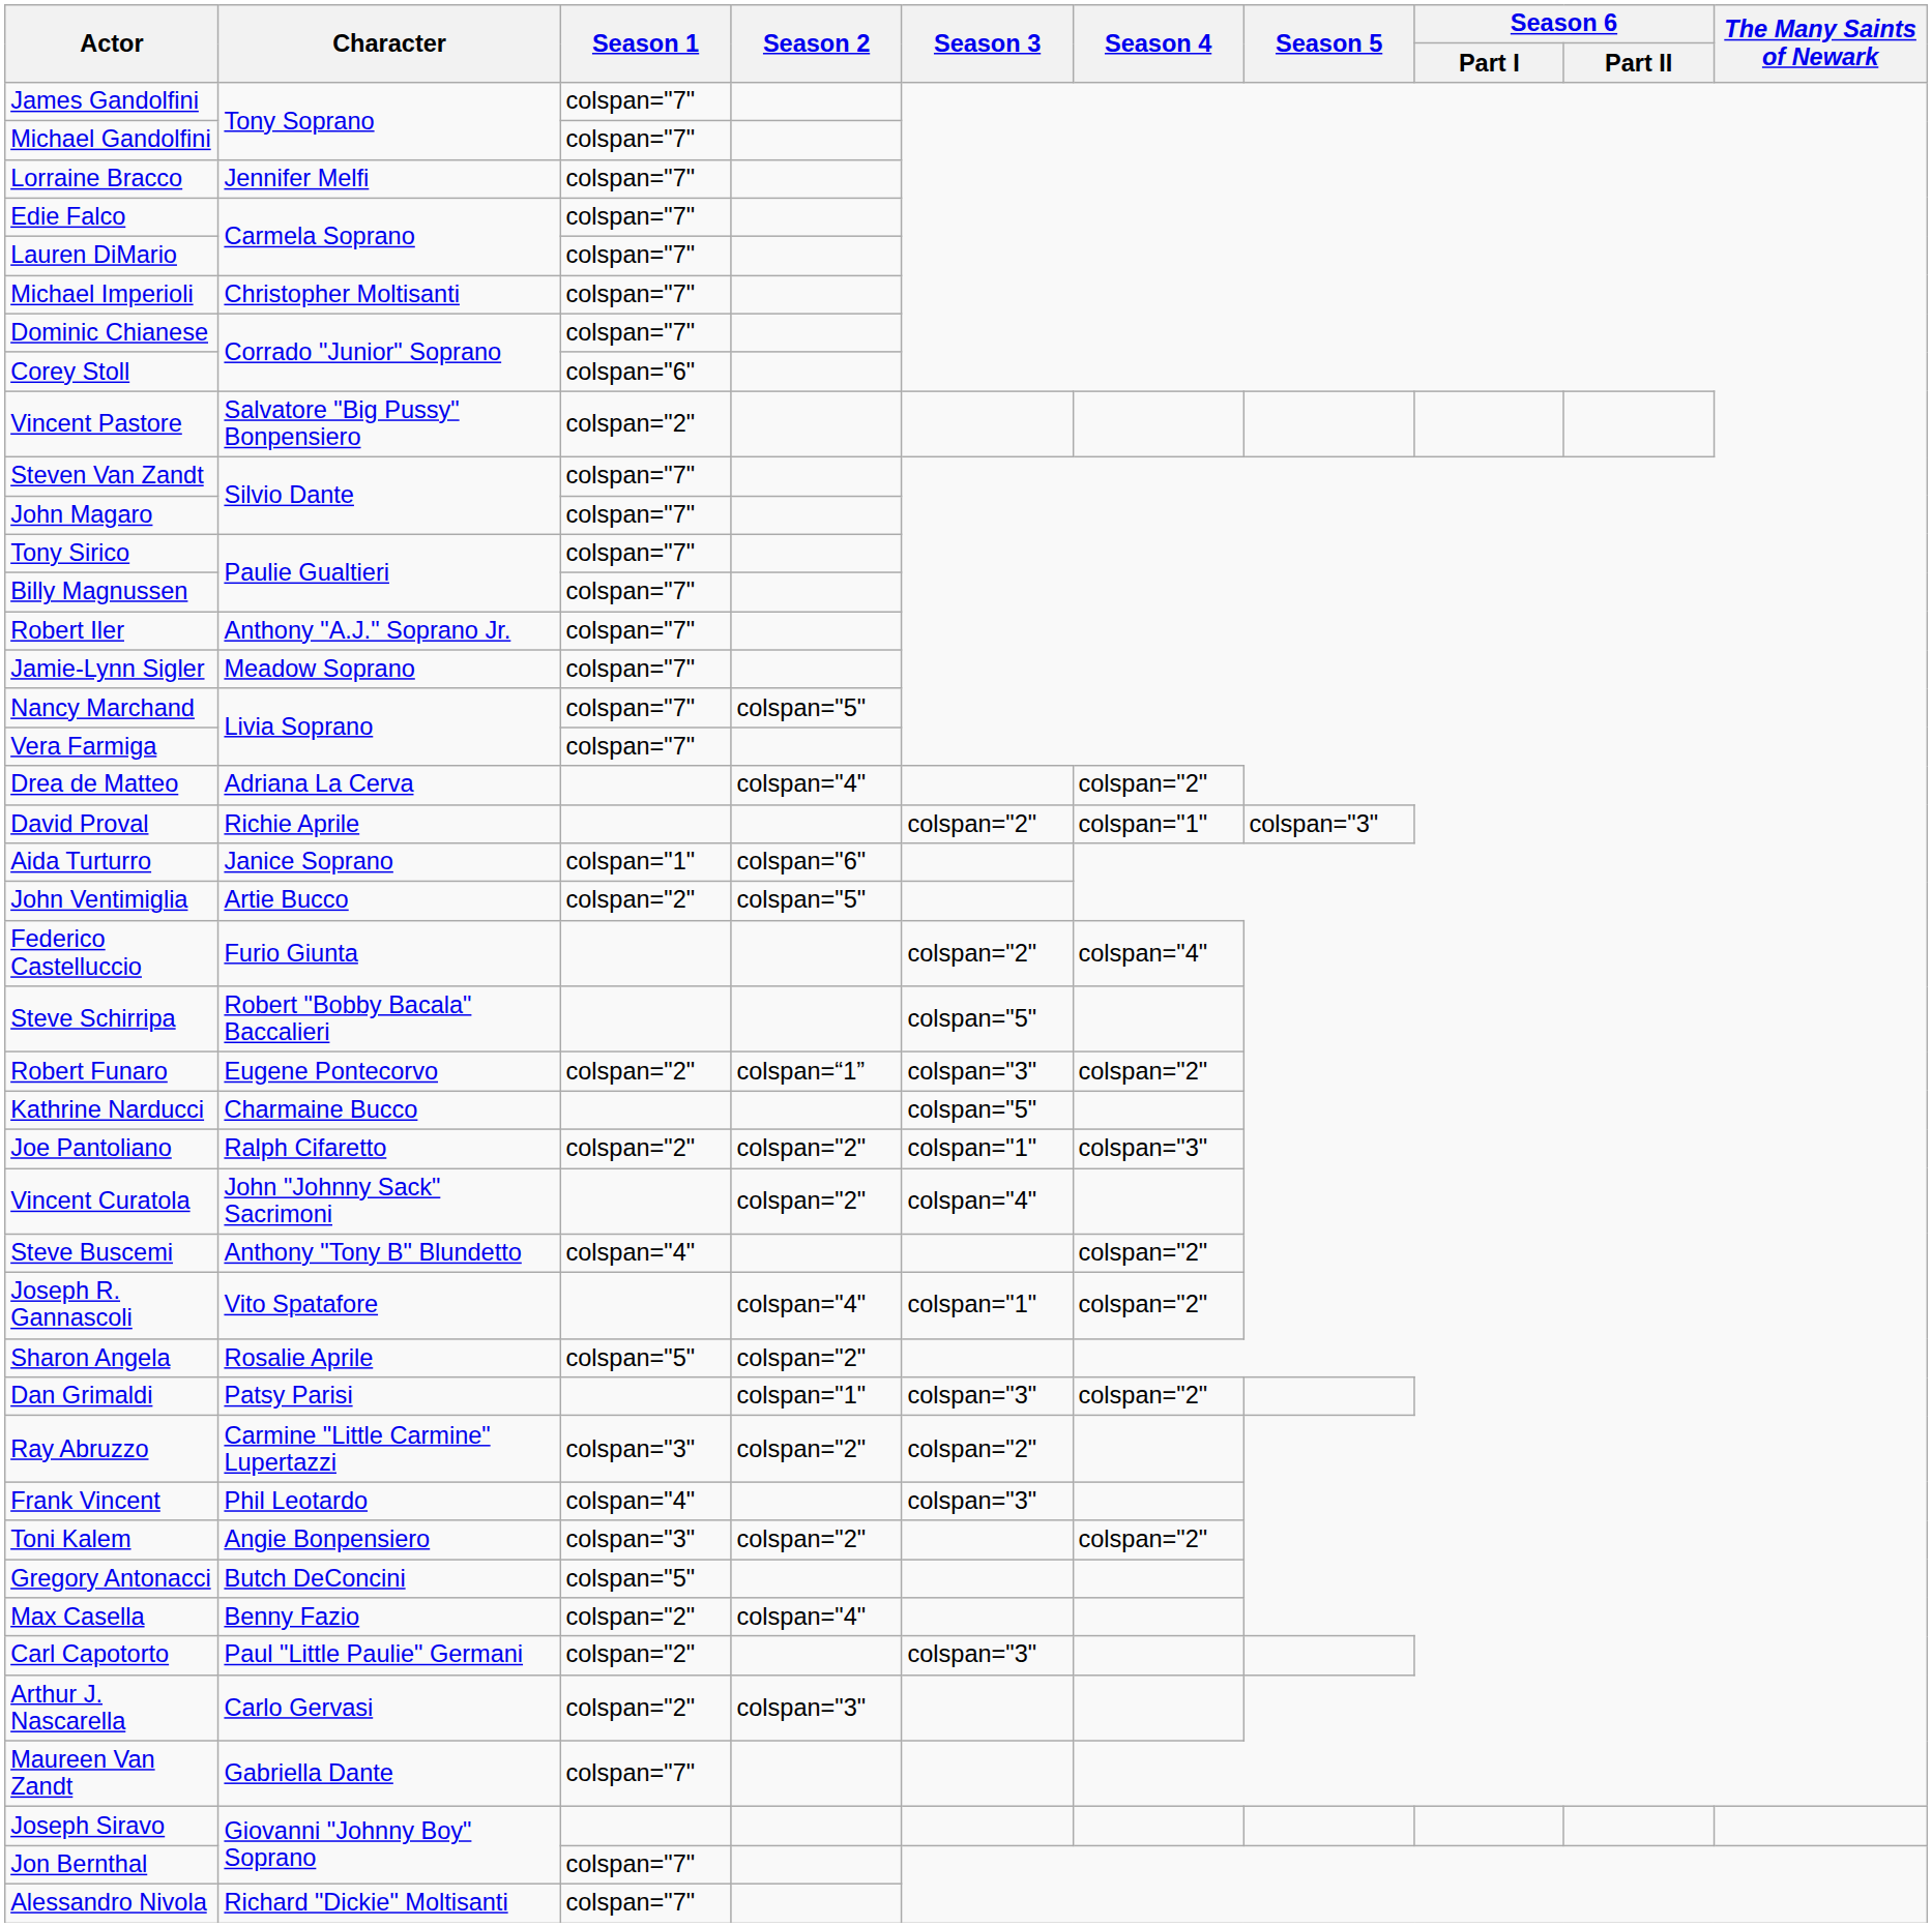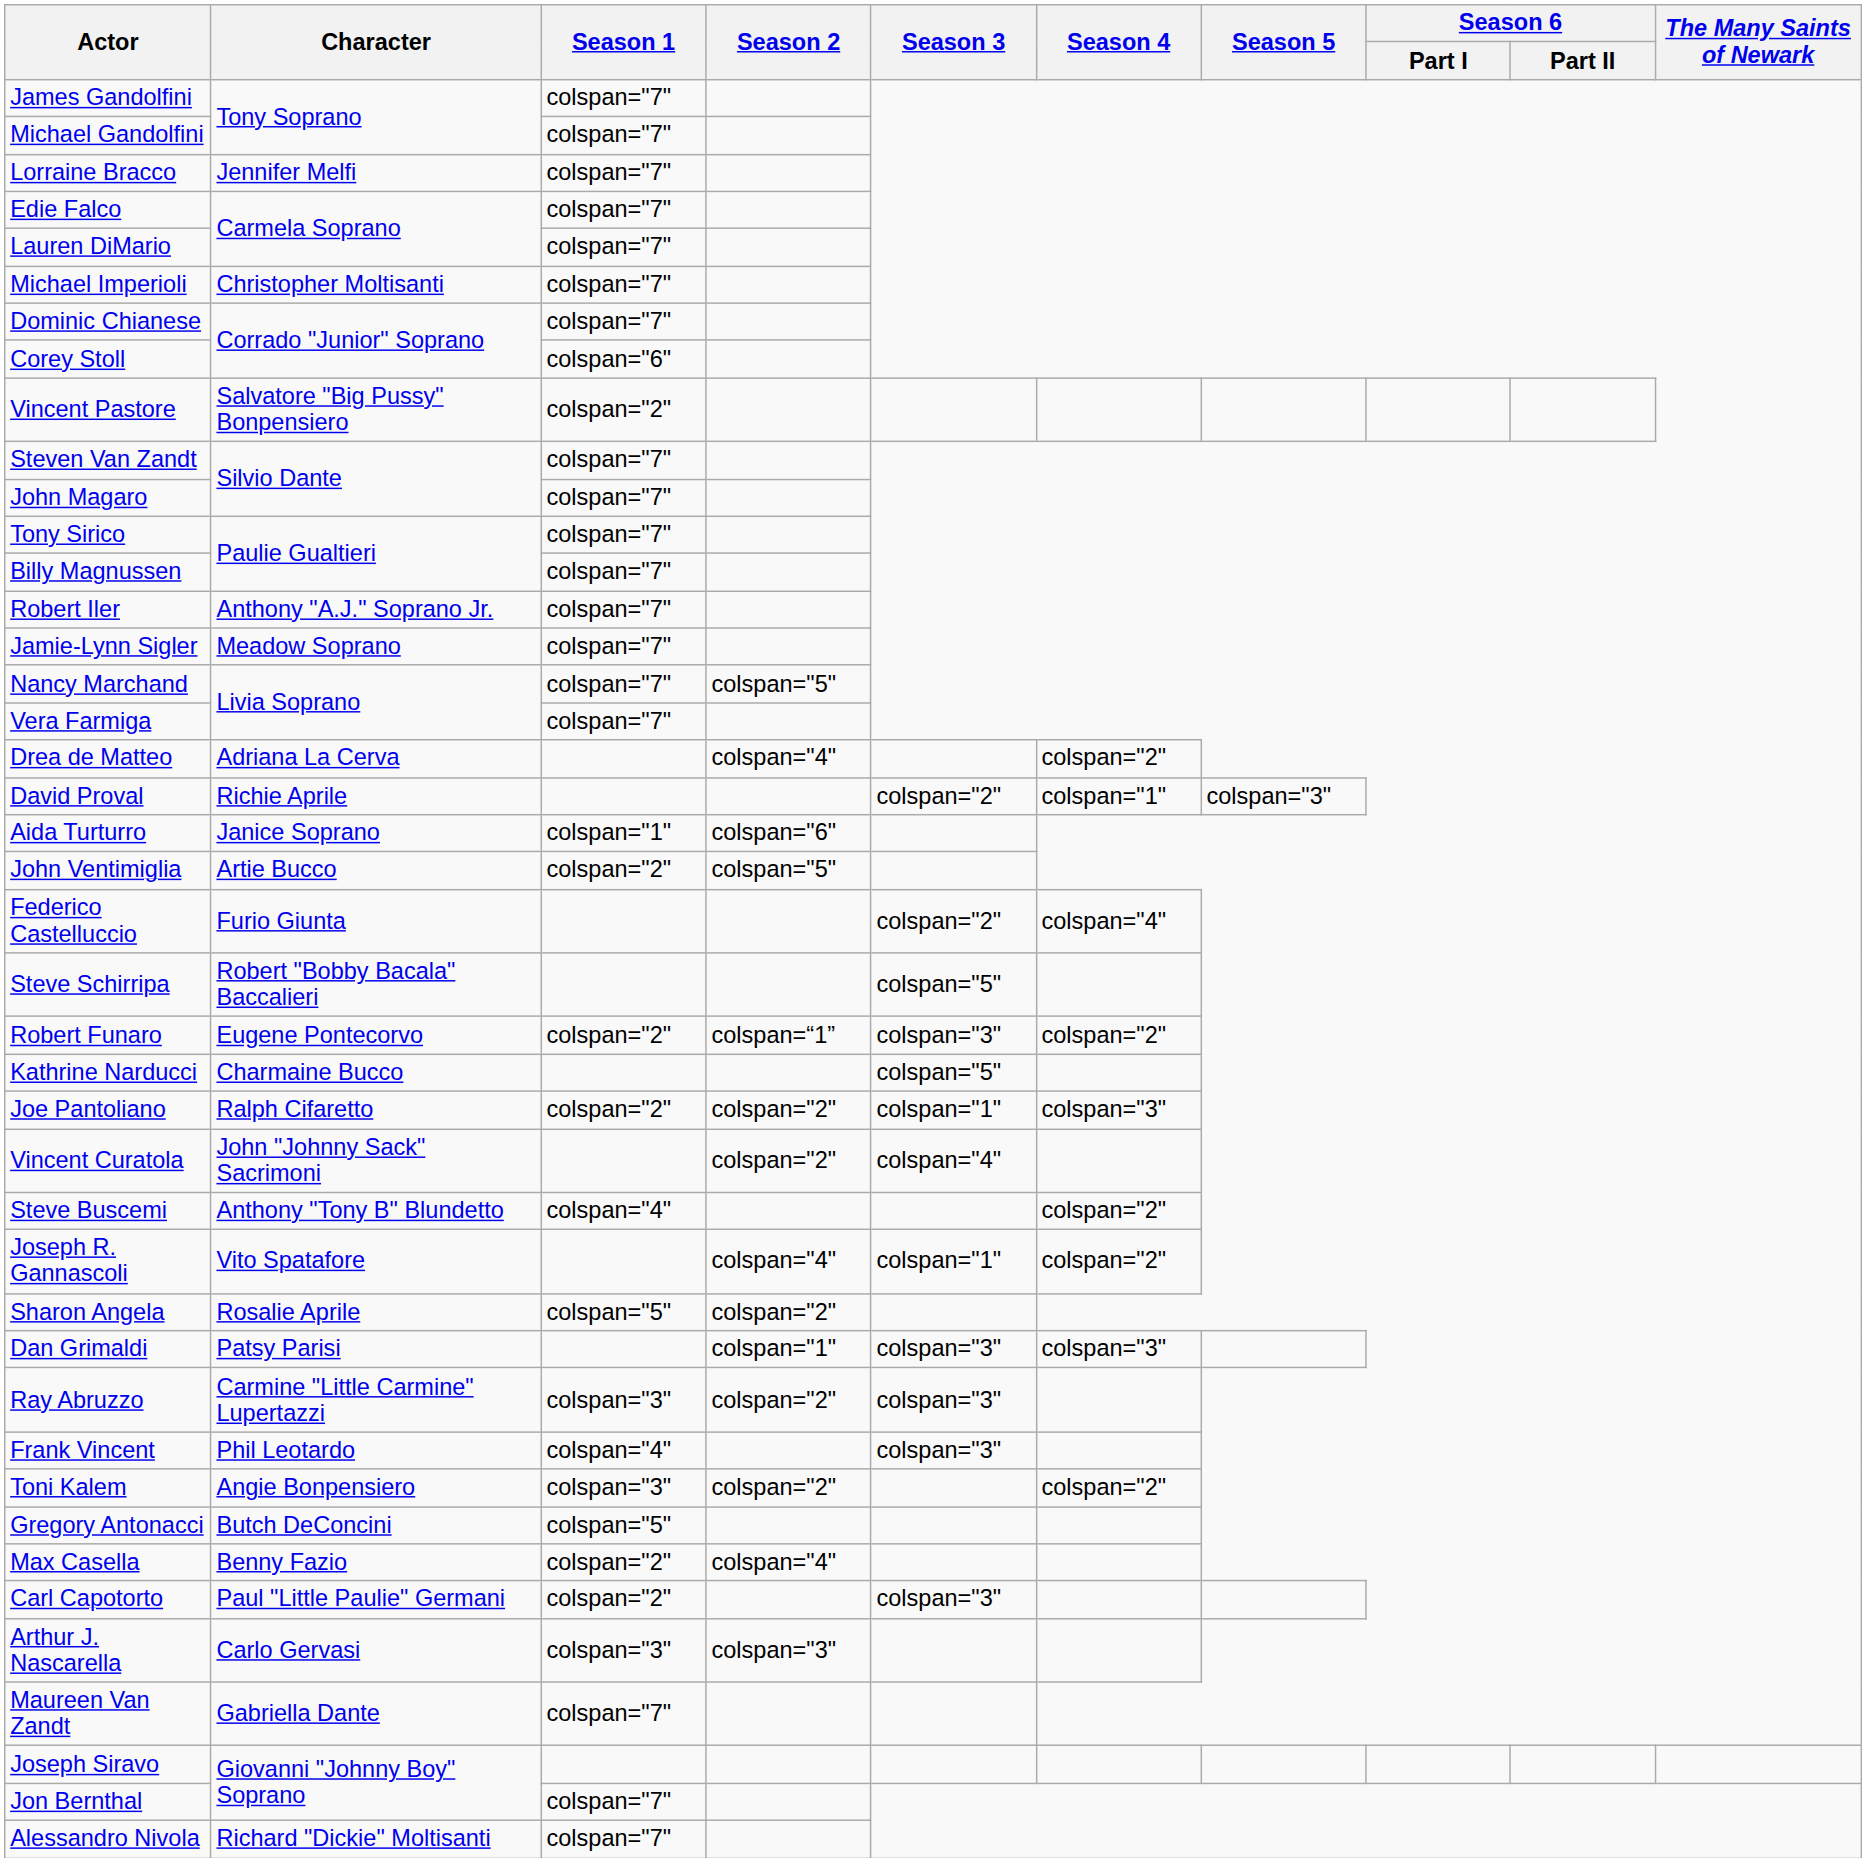 <table class="wikitable sortable mw-collapsible" width="100%">
 <tr>
 <th rowspan="2" width="10%" scope="col">Actor</th>
 <th rowspan="2" width="16%" scope="col">Character</th>
 <th rowspan="2" width="8%" scope="col"><a href='#'>Season 1</a></th>
 <th rowspan="2" width="8%" scope="col"><a href='#'>Season 2</a></th>
 <th rowspan="2" width="8%" scope="col"><a href='#'>Season 3</a></th>
 <th rowspan="2" width="8%" scope="col"><a href='#'>Season 4</a></th>
 <th rowspan="2" width="8%" scope="col"><a href='#'>Season 5</a></th>
 <th colspan="2" scope="col"><a href='#'>Season 6</a></th>
 <th rowspan="2" width="10%" scope="col"><em><a href='#'>The Many Saints<br>of Newark</a></em></th>
 </tr>
 <tr>
 <th width="7%" scope="col">Part I</th>
 <th width="7%" scope="col">Part II</th>
 </tr>
 <tr>
 <td><a href='#'>James Gandolfini</a></td>
 <td rowspan="2"><a href='#'>Tony Soprano</a></td>
 <td>colspan="7" </td>
 <td></td>
 </tr>
 <tr>
 <td><a href='#'>Michael Gandolfini</a></td>
 <td>colspan="7" </td>
 <td></td>
 </tr>
 <tr>
 <td><a href='#'>Lorraine Bracco</a></td>
 <td><a href='#'>Jennifer Melfi</a></td>
 <td>colspan="7" </td>
 <td></td>
 </tr>
 <tr>
 <td><a href='#'>Edie Falco</a></td>
 <td rowspan="2"><a href='#'>Carmela Soprano</a></td>
 <td>colspan="7" </td>
 <td></td>
 </tr>
 <tr>
 <td><a href='#'>Lauren DiMario</a></td>
 <td>colspan="7" </td>
 <td></td>
 </tr>
 <tr>
 <td><a href='#'>Michael Imperioli</a></td>
 <td><a href='#'>Christopher Moltisanti</a></td>
 <td>colspan="7" </td>
 <td></td>
 </tr>
 <tr>
 <td><a href='#'>Dominic Chianese</a></td>
 <td rowspan="2"><a href='#'>Corrado "Junior" Soprano</a></td>
 <td>colspan="7" </td>
 <td></td>
 </tr>
 <tr>
 <td><a href='#'>Corey Stoll</a></td>
 <td>colspan="6" </td>
 <td></td>
 </tr>
 <tr>
 <td><a href='#'>Vincent Pastore</a></td>
 <td><a href='#'>Salvatore "Big Pussy" Bonpensiero</a></td>
 <td>colspan="2" </td>
 <td></td>
 <td></td>
 <td></td>
 <td></td>
 <td></td>
 <td></td>
 </tr>
 <tr>
 <td><a href='#'>Steven Van Zandt</a></td>
 <td rowspan="2"><a href='#'>Silvio Dante</a></td>
 <td>colspan="7" </td>
 <td></td>
 </tr>
 <tr>
 <td><a href='#'>John Magaro</a></td>
 <td>colspan="7" </td>
 <td></td>
 </tr>
 <tr>
 <td><a href='#'>Tony Sirico</a></td>
 <td rowspan="2"><a href='#'>Paulie Gualtieri</a></td>
 <td>colspan="7" </td>
 <td></td>
 </tr>
 <tr>
 <td><a href='#'>Billy Magnussen</a></td>
 <td>colspan="7" </td>
 <td></td>
 </tr>
 <tr>
 <td><a href='#'>Robert Iler</a></td>
 <td><a href='#'>Anthony "A.J." Soprano Jr.</a></td>
 <td>colspan="7" </td>
 <td></td>
 </tr>
 <tr>
 <td><a href='#'>Jamie-Lynn Sigler</a></td>
 <td><a href='#'>Meadow Soprano</a></td>
 <td>colspan="7" </td>
 <td></td>
 </tr>
 <tr>
 <td><a href='#'>Nancy Marchand</a></td>
 <td rowspan="2"><a href='#'>Livia Soprano</a></td>
 <td>colspan="7" </td>
 <td>colspan="5" </td>
 </tr>
 <tr>
 <td><a href='#'>Vera Farmiga</a></td>
 <td>colspan="7" </td>
 <td></td>
 </tr>
 <tr>
 <td><a href='#'>Drea de Matteo</a></td>
 <td><a href='#'>Adriana La Cerva</a></td>
 <td></td>
 <td>colspan="4" </td>
 <td></td>
 <td>colspan="2" </td>
 </tr>
 <tr>
 <td><a href='#'>David Proval</a></td>
 <td><a href='#'>Richie Aprile</a></td>
 <td></td>
 <td></td>
 <td>colspan="2" </td>
 <td>colspan="1" </td>
 <td>colspan="3" </td>
 </tr>
 <tr>
 <td><a href='#'>Aida Turturro</a></td>
 <td><a href='#'>Janice Soprano</a></td>
 <td>colspan="1" </td>
 <td>colspan="6" </td>
 <td></td>
 </tr>
 <tr>
 <td><a href='#'>John Ventimiglia</a></td>
 <td><a href='#'>Artie Bucco</a></td>
 <td>colspan="2" </td>
 <td>colspan="5" </td>
 <td></td>
 </tr>
 <tr>
 <td><a href='#'>Federico Castelluccio</a></td>
 <td><a href='#'>Furio Giunta</a></td>
 <td></td>
 <td></td>
 <td>colspan="2" </td>
 <td>colspan="4" </td>
 </tr>
 <tr>
 <td><a href='#'>Steve Schirripa</a></td>
 <td><a href='#'>Robert "Bobby Bacala" Baccalieri</a></td>
 <td></td>
 <td></td>
 <td>colspan="5" </td>
 <td></td>
 </tr>
 <tr>
 <td><a href='#'>Robert Funaro</a></td>
 <td><a href='#'>Eugene Pontecorvo</a></td>
 <td>colspan="2" </td>
 <td>colspan=“1” </td>
 <td>colspan="3" </td>
 <td>colspan="2" </td>
 </tr>
 <tr>
 <td><a href='#'>Kathrine Narducci</a></td>
 <td><a href='#'>Charmaine Bucco</a></td>
 <td></td>
 <td></td>
 <td>colspan="5" </td>
 <td></td>
 </tr>
 <tr>
 <td><a href='#'>Joe Pantoliano</a></td>
 <td><a href='#'>Ralph Cifaretto</a></td>
 <td>colspan="2" </td>
 <td>colspan="2" </td>
 <td>colspan="1" </td>
 <td>colspan="3" </td>
 </tr>
 <tr>
 <td><a href='#'>Vincent Curatola</a></td>
 <td><a href='#'>John "Johnny Sack" Sacrimoni</a></td>
 <td></td>
 <td>colspan="2" </td>
 <td>colspan="4" </td>
 <td></td>
 </tr>
 <tr>
 <td><a href='#'>Steve Buscemi</a></td>
 <td><a href='#'>Anthony "Tony B" Blundetto</a></td>
 <td>colspan="4" </td>
 <td></td>
 <td></td>
 <td>colspan="2" </td>
 </tr>
 <tr>
 <td><a href='#'>Joseph R. Gannascoli</a></td>
 <td><a href='#'>Vito Spatafore</a></td>
 <td></td>
 <td>colspan="4" </td>
 <td>colspan="1" </td>
 <td>colspan="2" </td>
 </tr>
 <tr>
 <td><a href='#'>Sharon Angela</a></td>
 <td><a href='#'>Rosalie Aprile</a></td>
 <td>colspan="5" </td>
 <td>colspan="2" </td>
 <td></td>
 </tr>
 <tr>
 <td><a href='#'>Dan Grimaldi</a></td>
 <td><a href='#'>Patsy Parisi</a></td>
 <td></td>
 <td>colspan="1" </td>
 <td>colspan="3" </td>
-<td>colspan="2" </td>
+<td>colspan="3" </td>
 <td></td>
 </tr>
 <tr>
 <td><a href='#'>Ray Abruzzo</a></td>
 <td><a href='#'>Carmine "Little Carmine" Lupertazzi</a></td>
 <td>colspan="3" </td>
 <td>colspan="2" </td>
-<td>colspan="2" </td>
+<td>colspan="3" </td>
 <td></td>
 </tr>
 <tr>
 <td><a href='#'>Frank Vincent</a></td>
 <td><a href='#'>Phil Leotardo</a></td>
 <td>colspan="4" </td>
 <td></td>
 <td>colspan="3" </td>
 <td></td>
 </tr>
 <tr>
 <td><a href='#'>Toni Kalem</a></td>
 <td><a href='#'>Angie Bonpensiero</a></td>
 <td>colspan="3" </td>
 <td>colspan="2" </td>
 <td></td>
 <td>colspan="2" </td>
 </tr>
 <tr>
 <td><a href='#'>Gregory Antonacci</a></td>
 <td><a href='#'>Butch DeConcini</a></td>
 <td>colspan="5" </td>
 <td></td>
 <td></td>
 <td></td>
 </tr>
 <tr>
 <td><a href='#'>Max Casella</a></td>
 <td><a href='#'>Benny Fazio</a></td>
 <td>colspan="2" </td>
 <td>colspan="4" </td>
 <td></td>
 <td></td>
 </tr>
 <tr>
 <td><a href='#'>Carl Capotorto</a></td>
 <td><a href='#'>Paul "Little Paulie" Germani</a></td>
 <td>colspan="2" </td>
 <td></td>
 <td>colspan="3" </td>
 <td></td>
 <td></td>
 </tr>
 <tr>
 <td><a href='#'>Arthur J. Nascarella</a></td>
 <td><a href='#'>Carlo Gervasi</a></td>
-<td>colspan="2" </td>
+<td>colspan="3" </td>
 <td>colspan="3" </td>
 <td></td>
 <td></td>
 </tr>
 <tr>
 <td><a href='#'>Maureen Van Zandt</a></td>
 <td><a href='#'>Gabriella Dante</a></td>
 <td>colspan="7" </td>
 <td></td>
 <td></td>
 </tr>
 <tr>
 <td><a href='#'>Joseph Siravo</a></td>
 <td rowspan="2"><a href='#'>Giovanni "Johnny Boy" Soprano</a></td>
 <td></td>
 <td></td>
 <td></td>
 <td></td>
 <td></td>
 <td></td>
 <td></td>
 <td></td>
 </tr>
 <tr>
 <td><a href='#'>Jon Bernthal</a></td>
 <td>colspan="7" </td>
 <td></td>
 </tr>
 <tr>
 <td><a href='#'>Alessandro Nivola</a></td>
 <td><a href='#'>Richard "Dickie" Moltisanti</a></td>
 <td>colspan="7" </td>
 <td></td>
 </tr>
 </table>
